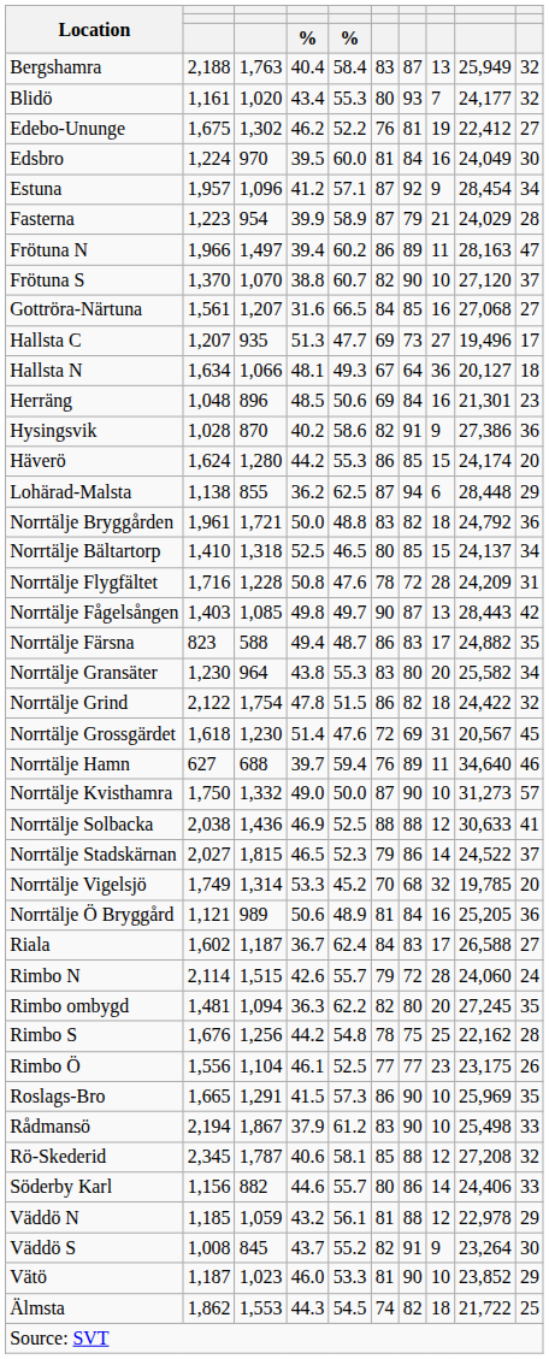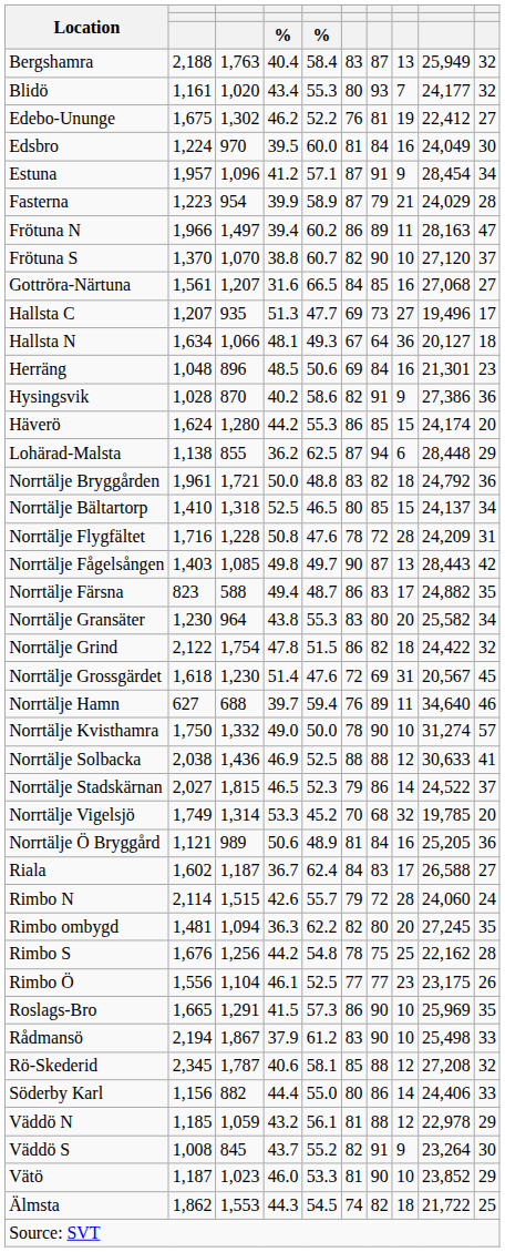 <table role="presentation" class="wikitable sortable mw-collapsible mw-collapsed">
 <tr>
 <th rowspan="3">Location</th>
 <th></th>
 <th></th>
 <th></th>
 <th></th>
 <th></th>
 <th></th>
 <th></th>
 <th></th>
 <th></th>
 </tr>
 <tr>
 <th></th>
 <th></th>
 <th style="background:"></th>
 <th style="background:"></th>
 <th></th>
 <th></th>
 <th></th>
 <th></th>
 <th></th>
 </tr>
 <tr>
 <th data-sort-type="number"></th>
 <th data-sort-type="number"></th>
 <th data-sort-type="number">%</th>
 <th data-sort-type="number">%</th>
 <th data-sort-type="number"></th>
 <th data-sort-type="number"></th>
 <th data-sort-type="number"></th>
 <th data-sort-type="number"></th>
 <th data-sort-type="number"></th>
 </tr>
 <tr>
 <td align="left">Bergshamra</td>
 <td>2,188</td>
 <td>1,763</td>
 <td>40.4</td>
 <td>58.4</td>
 <td>83</td>
 <td>87</td>
 <td>13</td>
 <td>25,949</td>
 <td>32</td>
 </tr>
 <tr>
 <td align="left">Blidö</td>
 <td>1,161</td>
 <td>1,020</td>
 <td>43.4</td>
 <td>55.3</td>
 <td>80</td>
 <td>93</td>
 <td>7</td>
 <td>24,177</td>
 <td>32</td>
 </tr>
 <tr>
 <td align="left">Edebo-Ununge</td>
 <td>1,675</td>
 <td>1,302</td>
 <td>46.2</td>
 <td>52.2</td>
 <td>76</td>
 <td>81</td>
 <td>19</td>
 <td>22,412</td>
 <td>27</td>
 </tr>
 <tr>
 <td align="left">Edsbro</td>
 <td>1,224</td>
 <td>970</td>
 <td>39.5</td>
 <td>60.0</td>
 <td>81</td>
 <td>84</td>
 <td>16</td>
 <td>24,049</td>
 <td>30</td>
 </tr>
 <tr>
 <td align="left">Estuna</td>
 <td>1,957</td>
 <td>1,096</td>
 <td>41.2</td>
 <td>57.1</td>
 <td>87</td>
-<td>92</td>
+<td>91</td>
 <td>9</td>
 <td>28,454</td>
 <td>34</td>
 </tr>
 <tr>
 <td align="left">Fasterna</td>
 <td>1,223</td>
 <td>954</td>
 <td>39.9</td>
 <td>58.9</td>
 <td>87</td>
 <td>79</td>
 <td>21</td>
 <td>24,029</td>
 <td>28</td>
 </tr>
 <tr>
 <td align="left">Frötuna N</td>
 <td>1,966</td>
 <td>1,497</td>
 <td>39.4</td>
 <td>60.2</td>
 <td>86</td>
 <td>89</td>
 <td>11</td>
 <td>28,163</td>
 <td>47</td>
 </tr>
 <tr>
 <td align="left">Frötuna S</td>
 <td>1,370</td>
 <td>1,070</td>
 <td>38.8</td>
 <td>60.7</td>
 <td>82</td>
 <td>90</td>
 <td>10</td>
 <td>27,120</td>
 <td>37</td>
 </tr>
 <tr>
 <td align="left">Gottröra-Närtuna</td>
 <td>1,561</td>
 <td>1,207</td>
 <td>31.6</td>
 <td>66.5</td>
 <td>84</td>
 <td>85</td>
 <td>16</td>
 <td>27,068</td>
 <td>27</td>
 </tr>
 <tr>
 <td align="left">Hallsta C</td>
 <td>1,207</td>
 <td>935</td>
 <td>51.3</td>
 <td>47.7</td>
 <td>69</td>
 <td>73</td>
 <td>27</td>
 <td>19,496</td>
 <td>17</td>
 </tr>
 <tr>
 <td align="left">Hallsta N</td>
 <td>1,634</td>
 <td>1,066</td>
 <td>48.1</td>
 <td>49.3</td>
 <td>67</td>
 <td>64</td>
 <td>36</td>
 <td>20,127</td>
 <td>18</td>
 </tr>
 <tr>
 <td align="left">Herräng</td>
 <td>1,048</td>
 <td>896</td>
 <td>48.5</td>
 <td>50.6</td>
 <td>69</td>
 <td>84</td>
 <td>16</td>
 <td>21,301</td>
 <td>23</td>
 </tr>
 <tr>
 <td align="left">Hysingsvik</td>
 <td>1,028</td>
 <td>870</td>
 <td>40.2</td>
 <td>58.6</td>
 <td>82</td>
 <td>91</td>
 <td>9</td>
 <td>27,386</td>
 <td>36</td>
 </tr>
 <tr>
 <td align="left">Häverö</td>
 <td>1,624</td>
 <td>1,280</td>
 <td>44.2</td>
 <td>55.3</td>
 <td>86</td>
 <td>85</td>
 <td>15</td>
 <td>24,174</td>
 <td>20</td>
 </tr>
 <tr>
 <td align="left">Lohärad-Malsta</td>
 <td>1,138</td>
 <td>855</td>
 <td>36.2</td>
 <td>62.5</td>
 <td>87</td>
 <td>94</td>
 <td>6</td>
 <td>28,448</td>
 <td>29</td>
 </tr>
 <tr>
 <td align="left">Norrtälje Bryggården</td>
 <td>1,961</td>
 <td>1,721</td>
 <td>50.0</td>
 <td>48.8</td>
 <td>83</td>
 <td>82</td>
 <td>18</td>
 <td>24,792</td>
 <td>36</td>
 </tr>
 <tr>
 <td align="left">Norrtälje Bältartorp</td>
 <td>1,410</td>
 <td>1,318</td>
 <td>52.5</td>
 <td>46.5</td>
 <td>80</td>
 <td>85</td>
 <td>15</td>
 <td>24,137</td>
 <td>34</td>
 </tr>
 <tr>
 <td align="left">Norrtälje Flygfältet</td>
 <td>1,716</td>
 <td>1,228</td>
 <td>50.8</td>
 <td>47.6</td>
 <td>78</td>
 <td>72</td>
 <td>28</td>
 <td>24,209</td>
 <td>31</td>
 </tr>
 <tr>
 <td align="left">Norrtälje Fågelsången</td>
 <td>1,403</td>
 <td>1,085</td>
 <td>49.8</td>
 <td>49.7</td>
 <td>90</td>
 <td>87</td>
 <td>13</td>
 <td>28,443</td>
 <td>42</td>
 </tr>
 <tr>
 <td align="left">Norrtälje Färsna</td>
 <td>823</td>
 <td>588</td>
 <td>49.4</td>
 <td>48.7</td>
 <td>86</td>
 <td>83</td>
 <td>17</td>
 <td>24,882</td>
 <td>35</td>
 </tr>
 <tr>
 <td align="left">Norrtälje Gransäter</td>
 <td>1,230</td>
 <td>964</td>
 <td>43.8</td>
 <td>55.3</td>
 <td>83</td>
 <td>80</td>
 <td>20</td>
 <td>25,582</td>
 <td>34</td>
 </tr>
 <tr>
 <td align="left">Norrtälje Grind</td>
 <td>2,122</td>
 <td>1,754</td>
 <td>47.8</td>
 <td>51.5</td>
 <td>86</td>
 <td>82</td>
 <td>18</td>
 <td>24,422</td>
 <td>32</td>
 </tr>
 <tr>
 <td align="left">Norrtälje Grossgärdet</td>
 <td>1,618</td>
 <td>1,230</td>
 <td>51.4</td>
 <td>47.6</td>
 <td>72</td>
 <td>69</td>
 <td>31</td>
 <td>20,567</td>
 <td>45</td>
 </tr>
 <tr>
 <td align="left">Norrtälje Hamn</td>
 <td>627</td>
 <td>688</td>
 <td>39.7</td>
 <td>59.4</td>
 <td>76</td>
 <td>89</td>
 <td>11</td>
 <td>34,640</td>
 <td>46</td>
 </tr>
 <tr>
 <td align="left">Norrtälje Kvisthamra</td>
 <td>1,750</td>
 <td>1,332</td>
 <td>49.0</td>
 <td>50.0</td>
-<td>87</td>
+<td>78</td>
 <td>90</td>
 <td>10</td>
-<td>31,273</td>
+<td>31,274</td>
 <td>57</td>
 </tr>
 <tr>
 <td align="left">Norrtälje Solbacka</td>
 <td>2,038</td>
 <td>1,436</td>
 <td>46.9</td>
 <td>52.5</td>
 <td>88</td>
 <td>88</td>
 <td>12</td>
 <td>30,633</td>
 <td>41</td>
 </tr>
 <tr>
 <td align="left">Norrtälje Stadskärnan</td>
 <td>2,027</td>
 <td>1,815</td>
 <td>46.5</td>
 <td>52.3</td>
 <td>79</td>
 <td>86</td>
 <td>14</td>
 <td>24,522</td>
 <td>37</td>
 </tr>
 <tr>
 <td align="left">Norrtälje Vigelsjö</td>
 <td>1,749</td>
 <td>1,314</td>
 <td>53.3</td>
 <td>45.2</td>
 <td>70</td>
 <td>68</td>
 <td>32</td>
 <td>19,785</td>
 <td>20</td>
 </tr>
 <tr>
 <td align="left">Norrtälje Ö Bryggård</td>
 <td>1,121</td>
 <td>989</td>
 <td>50.6</td>
 <td>48.9</td>
 <td>81</td>
 <td>84</td>
 <td>16</td>
 <td>25,205</td>
 <td>36</td>
 </tr>
 <tr>
 <td align="left">Riala</td>
 <td>1,602</td>
 <td>1,187</td>
 <td>36.7</td>
 <td>62.4</td>
 <td>84</td>
 <td>83</td>
 <td>17</td>
 <td>26,588</td>
 <td>27</td>
 </tr>
 <tr>
 <td align="left">Rimbo N</td>
 <td>2,114</td>
 <td>1,515</td>
 <td>42.6</td>
 <td>55.7</td>
 <td>79</td>
 <td>72</td>
 <td>28</td>
 <td>24,060</td>
 <td>24</td>
 </tr>
 <tr>
 <td align="left">Rimbo ombygd</td>
 <td>1,481</td>
 <td>1,094</td>
 <td>36.3</td>
 <td>62.2</td>
 <td>82</td>
 <td>80</td>
 <td>20</td>
 <td>27,245</td>
 <td>35</td>
 </tr>
 <tr>
 <td align="left">Rimbo S</td>
 <td>1,676</td>
 <td>1,256</td>
 <td>44.2</td>
 <td>54.8</td>
 <td>78</td>
 <td>75</td>
 <td>25</td>
 <td>22,162</td>
 <td>28</td>
 </tr>
 <tr>
 <td align="left">Rimbo Ö</td>
 <td>1,556</td>
 <td>1,104</td>
 <td>46.1</td>
 <td>52.5</td>
 <td>77</td>
 <td>77</td>
 <td>23</td>
 <td>23,175</td>
 <td>26</td>
 </tr>
 <tr>
 <td align="left">Roslags-Bro</td>
 <td>1,665</td>
 <td>1,291</td>
 <td>41.5</td>
 <td>57.3</td>
 <td>86</td>
 <td>90</td>
 <td>10</td>
 <td>25,969</td>
 <td>35</td>
 </tr>
 <tr>
 <td align="left">Rådmansö</td>
 <td>2,194</td>
 <td>1,867</td>
 <td>37.9</td>
 <td>61.2</td>
 <td>83</td>
 <td>90</td>
 <td>10</td>
 <td>25,498</td>
 <td>33</td>
 </tr>
 <tr>
 <td align="left">Rö-Skederid</td>
 <td>2,345</td>
 <td>1,787</td>
 <td>40.6</td>
 <td>58.1</td>
 <td>85</td>
 <td>88</td>
 <td>12</td>
 <td>27,208</td>
 <td>32</td>
 </tr>
 <tr>
 <td align="left">Söderby Karl</td>
 <td>1,156</td>
 <td>882</td>
-<td>44.6</td>
-<td>55.7</td>
+<td>44.4</td>
+<td>55.0</td>
 <td>80</td>
 <td>86</td>
 <td>14</td>
 <td>24,406</td>
 <td>33</td>
 </tr>
 <tr>
 <td align="left">Väddö N</td>
 <td>1,185</td>
 <td>1,059</td>
 <td>43.2</td>
 <td>56.1</td>
 <td>81</td>
 <td>88</td>
 <td>12</td>
 <td>22,978</td>
 <td>29</td>
 </tr>
 <tr>
 <td align="left">Väddö S</td>
 <td>1,008</td>
 <td>845</td>
 <td>43.7</td>
 <td>55.2</td>
 <td>82</td>
 <td>91</td>
 <td>9</td>
 <td>23,264</td>
 <td>30</td>
 </tr>
 <tr>
 <td align="left">Vätö</td>
 <td>1,187</td>
 <td>1,023</td>
 <td>46.0</td>
 <td>53.3</td>
 <td>81</td>
 <td>90</td>
 <td>10</td>
 <td>23,852</td>
 <td>29</td>
 </tr>
 <tr>
 <td align="left">Älmsta</td>
 <td>1,862</td>
 <td>1,553</td>
 <td>44.3</td>
 <td>54.5</td>
 <td>74</td>
 <td>82</td>
 <td>18</td>
 <td>21,722</td>
 <td>25</td>
 </tr>
 <tr>
 <td colspan="10" align="left">Source: <a href='#'>SVT</a></td>
 </tr>
 </table>
